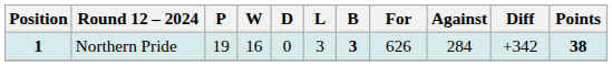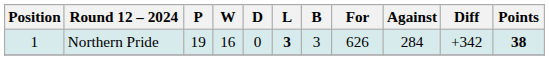 <table class="wikitable" style="text-align:center; font-size:85%;">
 <tr style="background: #d7ebed;">
 <th width="40" abbr="Position">Position</th>
 <th width="100">Round 12 – 2024</th>
 <th width="20" abbr="Played">P</th>
 <th width="20" abbr="Won">W</th>
 <th width="20" abbr="Drawn">D</th>
 <th width="20" abbr="Lost">L</th>
 <th width="20" abbr="Bye">B</th>
 <th width="40" abbr="Points for">For</th>
 <th width="40" abbr="Points against">Against</th>
 <th width="40" abbr="Points difference">Diff</th>
 <th width="40" abbr="Points">Points</th>
 </tr>
 <tr style="background: #d7ebed;">
-<td><strong>1</strong></td>
+<td>1</td>
 <td style="text-align:left;"> Northern Pride</td>
 <td>19</td>
 <td>16</td>
 <td>0</td>
+<td><strong>3</strong></td>
 <td>3</td>
-<td><strong>3</strong></td>
 <td>626</td>
 <td>284</td>
 <td>+342</td>
 <td><strong>38</strong></td>
 </tr>
 <tr>
 </tr>
 </table>
